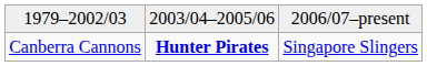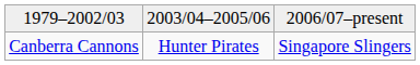 <table class="wikitable">
 <tr align=center>
 <td style="background:#efefef;">1979–2002/03</td>
 <td style="background:#efefef;">2003/04–2005/06</td>
 <td style="background:#efefef;">2006/07–present</td>
 </tr>
 <tr align=center>
 <td><a href='#'>Canberra Cannons</a></td>
-<td><strong><a href='#'>Hunter Pirates</a></strong></td>
+<td><a href='#'>Hunter Pirates</a></td>
 <td><a href='#'>Singapore Slingers</a></td>
 </tr>
 </table>
